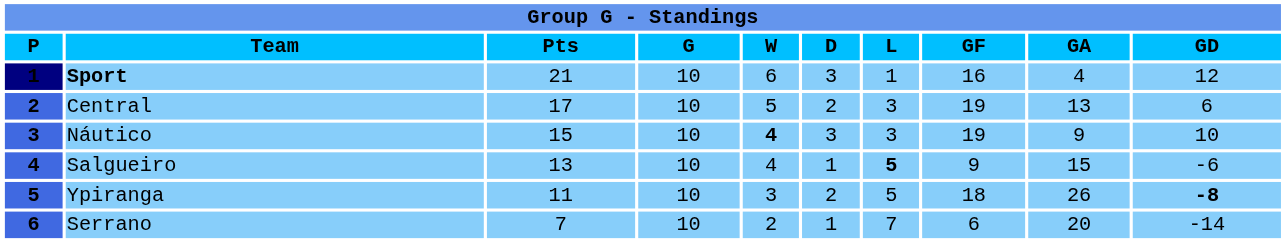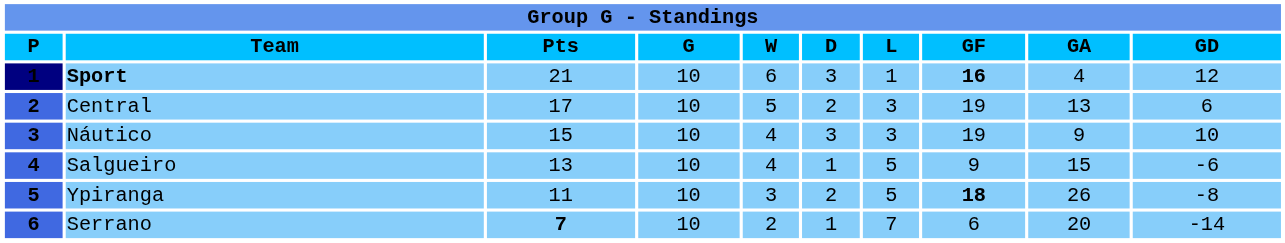 <table width=65% align="center" text-align="center">
 <tr>
 <th colspan="10" bgcolor=#6495ed><span>Group G - Standings</span></th>
 </tr>
 <tr>
 <th bgcolor=#00bfff align="center"><span>P</span></th>
 <th bgcolor=#00bfff align="center"><span>Team</span></th>
 <th bgcolor=#00bfff align="center"><span>Pts</span></th>
 <th bgcolor=#00bfff align="center"><span> G </span></th>
 <th bgcolor=#00bfff align="center"><span> W </span></th>
 <th bgcolor=#00bfff align="center"><span> D </span></th>
 <th bgcolor=#00bfff align="center"><span> L </span></th>
 <th bgcolor=#00bfff align="center"><span>GF</span></th>
 <th bgcolor=#00bfff align="center"><span>GA</span></th>
 <th bgcolor=#00bfff align="center"><span>GD</span></th>
 </tr>
 <tr>
 <th bgcolor=#000080 align="center"><span>1</span></th>
 <td bgcolor=#87cefa><strong>Sport</strong></td>
 <td bgcolor=#87cefa align="center">21</td>
 <td bgcolor=#87cefa align="center">10</td>
 <td bgcolor=#87cefa align="center">6</td>
 <td bgcolor=#87cefa align="center">3</td>
 <td bgcolor=#87cefa align="center">1</td>
-<td bgcolor=#87cefa align="center">16</td>
+<td bgcolor=#87cefa align="center"><strong>16</strong></td>
 <td bgcolor=#87cefa align="center">4</td>
 <td bgcolor=#87cefa align="center">12</td>
 </tr>
 <tr>
 <th bgcolor=#4069e1 align="center"><span>2</span></th>
 <td bgcolor=#87cefa>Central</td>
 <td bgcolor=#87cefa align="center">17</td>
 <td bgcolor=#87cefa align="center">10</td>
 <td bgcolor=#87cefa align="center">5</td>
 <td bgcolor=#87cefa align="center">2</td>
 <td bgcolor=#87cefa align="center">3</td>
 <td bgcolor=#87cefa align="center">19</td>
 <td bgcolor=#87cefa align="center">13</td>
 <td bgcolor=#87cefa align="center">6</td>
 </tr>
 <tr>
 <th bgcolor=#4069e1 align="center"><span>3</span></th>
 <td bgcolor=#87cefa>Náutico</td>
 <td bgcolor=#87cefa align="center">15</td>
 <td bgcolor=#87cefa align="center">10</td>
-<td bgcolor=#87cefa align="center"><strong>4</strong></td>
+<td bgcolor=#87cefa align="center">4</td>
 <td bgcolor=#87cefa align="center">3</td>
 <td bgcolor=#87cefa align="center">3</td>
 <td bgcolor=#87cefa align="center">19</td>
 <td bgcolor=#87cefa align="center">9</td>
 <td bgcolor=#87cefa align="center">10</td>
 </tr>
 <tr>
 <th bgcolor=#4069e1 align="center"><span>4</span></th>
 <td bgcolor=#87cefa>Salgueiro</td>
 <td bgcolor=#87cefa align="center">13</td>
 <td bgcolor=#87cefa align="center">10</td>
 <td bgcolor=#87cefa align="center">4</td>
 <td bgcolor=#87cefa align="center">1</td>
-<td bgcolor=#87cefa align="center"><strong>5</strong></td>
+<td bgcolor=#87cefa align="center">5</td>
 <td bgcolor=#87cefa align="center">9</td>
 <td bgcolor=#87cefa align="center">15</td>
 <td bgcolor=#87cefa align="center">-6</td>
 </tr>
 <tr>
 <th bgcolor=#4069e1 align="center"><span>5</span></th>
 <td bgcolor=#87cefa>Ypiranga</td>
 <td bgcolor=#87cefa align="center">11</td>
 <td bgcolor=#87cefa align="center">10</td>
 <td bgcolor=#87cefa align="center">3</td>
 <td bgcolor=#87cefa align="center">2</td>
 <td bgcolor=#87cefa align="center">5</td>
-<td bgcolor=#87cefa align="center">18</td>
+<td bgcolor=#87cefa align="center"><strong>18</strong></td>
 <td bgcolor=#87cefa align="center">26</td>
-<td bgcolor=#87cefa align="center"><strong>-8</strong></td>
+<td bgcolor=#87cefa align="center">-8</td>
 </tr>
 <tr>
 <th bgcolor=#4069e1 align="center"><span>6</span></th>
 <td bgcolor=#87cefa>Serrano</td>
-<td bgcolor=#87cefa align="center">7</td>
+<td bgcolor=#87cefa align="center"><strong>7</strong></td>
 <td bgcolor=#87cefa align="center">10</td>
 <td bgcolor=#87cefa align="center">2</td>
 <td bgcolor=#87cefa align="center">1</td>
 <td bgcolor=#87cefa align="center">7</td>
 <td bgcolor=#87cefa align="center">6</td>
 <td bgcolor=#87cefa align="center">20</td>
 <td bgcolor=#87cefa align="center">-14</td>
 </tr>
 </table>
